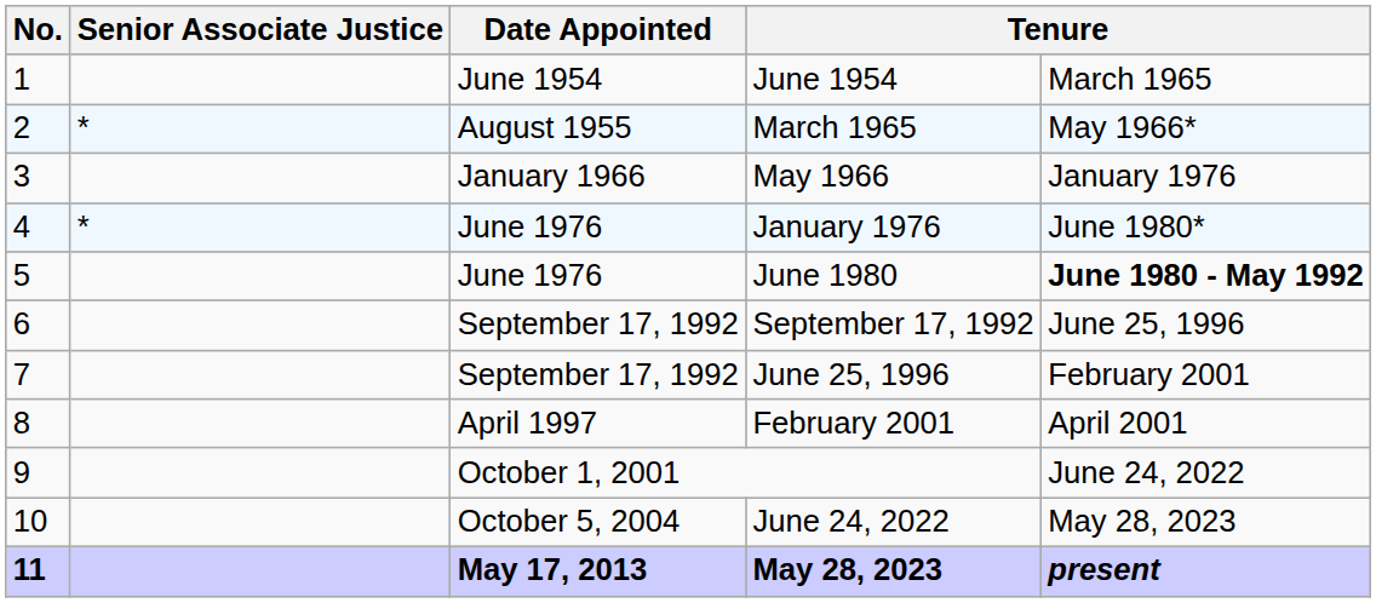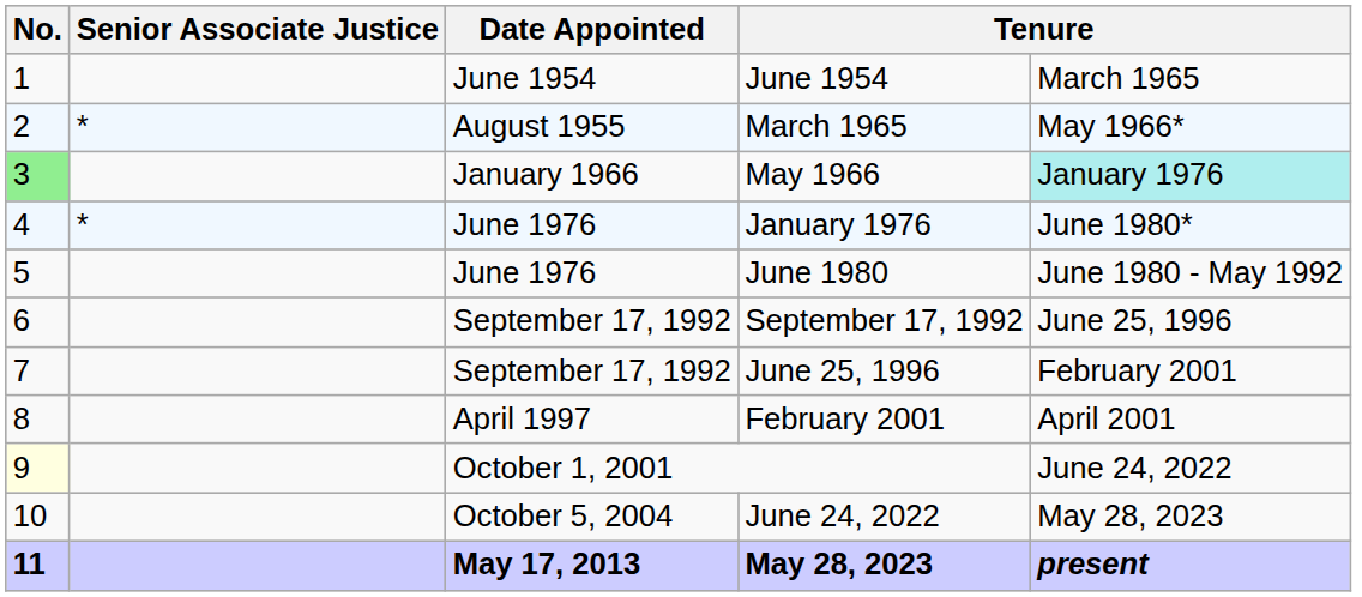 <table class="wikitable">
 <tr style="text-align:center"|>
 <th>No.</th>
 <th>Senior Associate Justice</th>
 <th>Date Appointed</th>
 <th colspan="2">Tenure</th>
 </tr>
 <tr>
 <td>1</td>
 <td></td>
 <td>June 1954</td>
 <td>June 1954</td>
 <td>March 1965</td>
 </tr>
 <tr style="background: #f0f8ff">
 <td>2</td>
 <td>*</td>
 <td>August 1955</td>
 <td>March 1965</td>
 <td>May 1966*</td>
 </tr>
 <tr>
-<td>3</td>
+<td style="background: lightgreen;">3</td>
 <td></td>
 <td>January 1966</td>
 <td>May 1966</td>
-<td>January 1976</td>
+<td style="background: paleturquoise;">January 1976</td>
 </tr>
 <tr bgcolor="#f0f8ff" |>
 <td>4</td>
 <td>*</td>
 <td>June 1976</td>
 <td>January 1976</td>
 <td>June 1980*</td>
 </tr>
 <tr>
 <td>5</td>
 <td></td>
 <td>June 1976</td>
 <td>June 1980</td>
-<td><strong>June 1980 - May 1992</strong></td>
+<td>June 1980 - May 1992</td>
 </tr>
 <tr>
 <td>6</td>
 <td></td>
 <td>September 17, 1992</td>
 <td>September 17, 1992</td>
 <td>June 25, 1996</td>
 </tr>
 <tr>
 <td>7</td>
 <td></td>
 <td>September 17, 1992</td>
 <td>June 25, 1996</td>
 <td>February 2001</td>
 </tr>
 <tr>
 <td>8</td>
 <td></td>
 <td>April 1997</td>
 <td>February 2001</td>
 <td>April 2001</td>
 </tr>
 <tr>
-<td>9</td>
+<td style="background: lightyellow;">9</td>
 <td></td>
 <td colspan="2">October 1, 2001</td>
 <td>June 24, 2022</td>
 </tr>
 <tr>
 <td>10</td>
 <td></td>
 <td>October 5, 2004</td>
 <td>June 24, 2022</td>
 <td>May 28, 2023</td>
 </tr>
 <tr bgcolor="#ccf" |>
 <td><strong>11</strong></td>
 <td><strong></strong></td>
 <td><strong>May 17, 2013</strong></td>
 <td><strong>May 28, 2023</strong></td>
 <td><strong><em>present</em></strong></td>
 </tr>
 </table>
